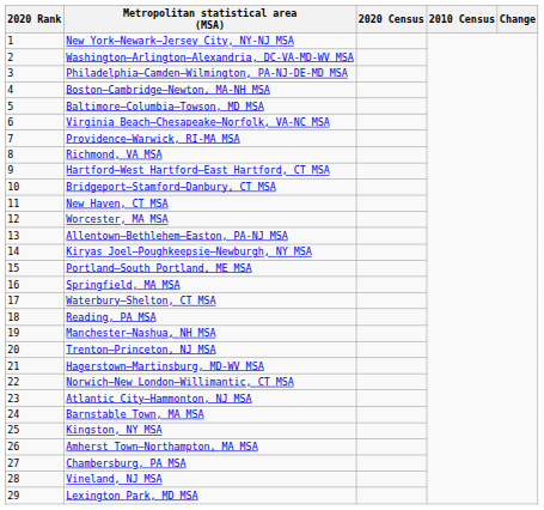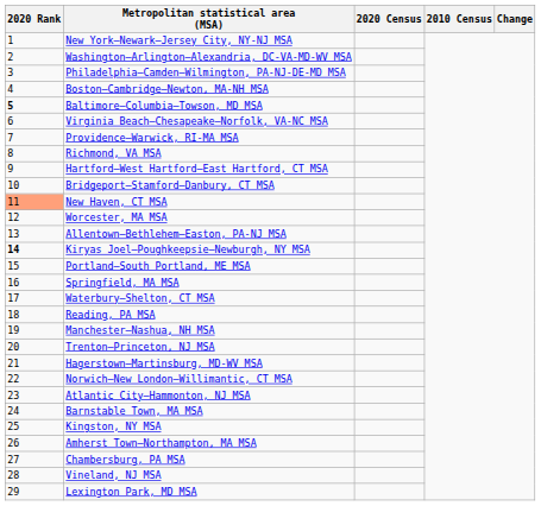 <table class="wikitable sortable">
 <tr>
 <th>2020 Rank</th>
 <th>Metropolitan statistical area<br>(MSA)</th>
 <th>2020 Census</th>
 <th>2010 Census</th>
 <th>Change</th>
 </tr>
 <tr>
 <td>1</td>
 <td><a href='#'>New York–Newark–Jersey City, NY-NJ MSA</a></td>
 <td></td>
 </tr>
 <tr>
 <td>2</td>
 <td><a href='#'>Washington–Arlington–Alexandria, DC-VA-MD-WV MSA</a></td>
 <td></td>
 </tr>
 <tr>
 <td>3</td>
 <td><a href='#'>Philadelphia–Camden–Wilmington, PA-NJ-DE-MD MSA</a></td>
 <td></td>
 </tr>
 <tr>
 <td>4</td>
 <td><a href='#'>Boston–Cambridge–Newton, MA-NH MSA</a></td>
 <td></td>
 </tr>
 <tr>
-<td>5</td>
+<td><strong>5</strong></td>
 <td><a href='#'>Baltimore–Columbia–Towson, MD MSA</a></td>
 <td></td>
 </tr>
 <tr>
 <td>6</td>
 <td><a href='#'>Virginia Beach–Chesapeake–Norfolk, VA-NC MSA</a></td>
 <td></td>
 </tr>
 <tr>
 <td>7</td>
 <td><a href='#'>Providence–Warwick, RI-MA MSA</a></td>
 <td></td>
 </tr>
 <tr>
 <td>8</td>
 <td><a href='#'>Richmond, VA MSA</a></td>
 <td></td>
 </tr>
 <tr>
 <td>9</td>
 <td><a href='#'>Hartford–West Hartford–East Hartford, CT MSA</a></td>
 <td></td>
 </tr>
 <tr>
 <td>10</td>
 <td><a href='#'>Bridgeport–Stamford–Danbury, CT MSA</a></td>
 <td></td>
 </tr>
 <tr>
-<td>11</td>
+<td style="background: lightsalmon;">11</td>
 <td><a href='#'>New Haven, CT MSA</a></td>
 <td></td>
 </tr>
 <tr>
 <td>12</td>
 <td><a href='#'>Worcester, MA MSA</a></td>
 <td></td>
 </tr>
 <tr>
 <td>13</td>
 <td><a href='#'>Allentown–Bethlehem–Easton, PA-NJ MSA</a></td>
 <td></td>
 </tr>
 <tr>
-<td>14</td>
+<td><strong>14</strong></td>
 <td><a href='#'>Kiryas Joel–Poughkeepsie–Newburgh, NY MSA</a></td>
 <td></td>
 </tr>
 <tr>
 <td>15</td>
 <td><a href='#'>Portland–South Portland, ME MSA</a></td>
 <td></td>
 </tr>
 <tr>
 <td>16</td>
 <td><a href='#'>Springfield, MA MSA</a></td>
 <td></td>
 </tr>
 <tr>
 <td>17</td>
 <td><a href='#'>Waterbury–Shelton, CT MSA</a></td>
 <td></td>
 </tr>
 <tr>
 <td>18</td>
 <td><a href='#'>Reading, PA MSA</a></td>
 <td></td>
 </tr>
 <tr>
 <td>19</td>
 <td><a href='#'>Manchester–Nashua, NH MSA</a></td>
 <td></td>
 </tr>
 <tr>
 <td>20</td>
 <td><a href='#'>Trenton–Princeton, NJ MSA</a></td>
 <td></td>
 </tr>
 <tr>
 <td>21</td>
 <td><a href='#'>Hagerstown–Martinsburg, MD-WV MSA</a></td>
 <td></td>
 </tr>
 <tr>
 <td>22</td>
 <td><a href='#'>Norwich–New London–Willimantic, CT MSA</a></td>
 <td></td>
 </tr>
 <tr>
 <td>23</td>
 <td><a href='#'>Atlantic City–Hammonton, NJ MSA</a></td>
 <td></td>
 </tr>
 <tr>
 <td>24</td>
 <td><a href='#'>Barnstable Town, MA MSA</a></td>
 <td></td>
 </tr>
 <tr>
 <td>25</td>
 <td><a href='#'>Kingston, NY MSA</a></td>
 <td></td>
 </tr>
 <tr>
 <td>26</td>
 <td><a href='#'>Amherst Town–Northampton, MA MSA</a></td>
 <td></td>
 </tr>
 <tr>
 <td>27</td>
 <td><a href='#'>Chambersburg, PA MSA</a></td>
 <td></td>
 </tr>
 <tr>
 <td>28</td>
 <td><a href='#'>Vineland, NJ MSA</a></td>
 <td></td>
 </tr>
 <tr>
 <td>29</td>
 <td><a href='#'>Lexington Park, MD MSA</a></td>
 <td></td>
 </tr>
 </table>
